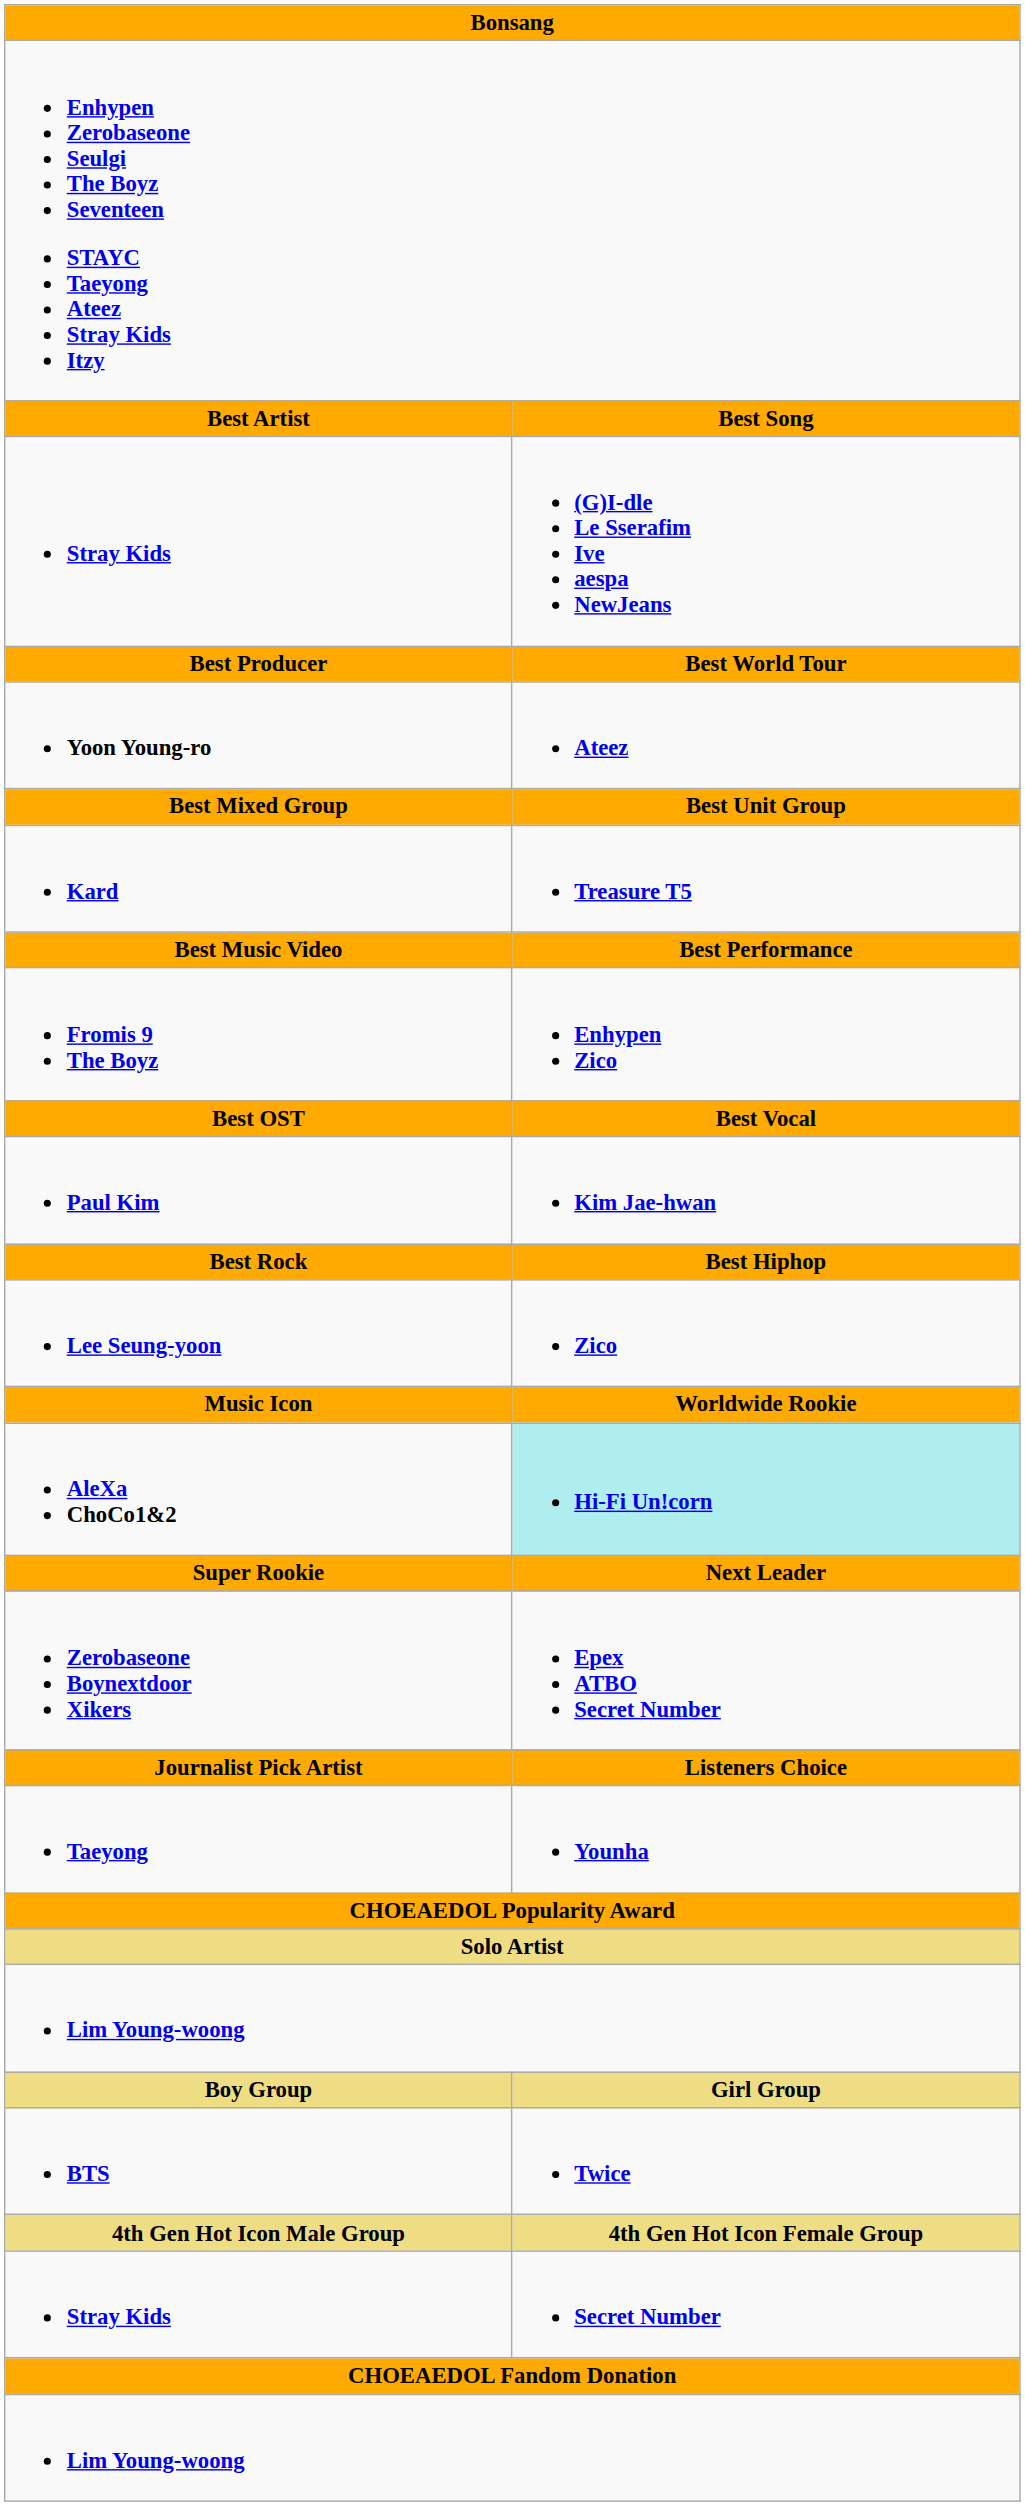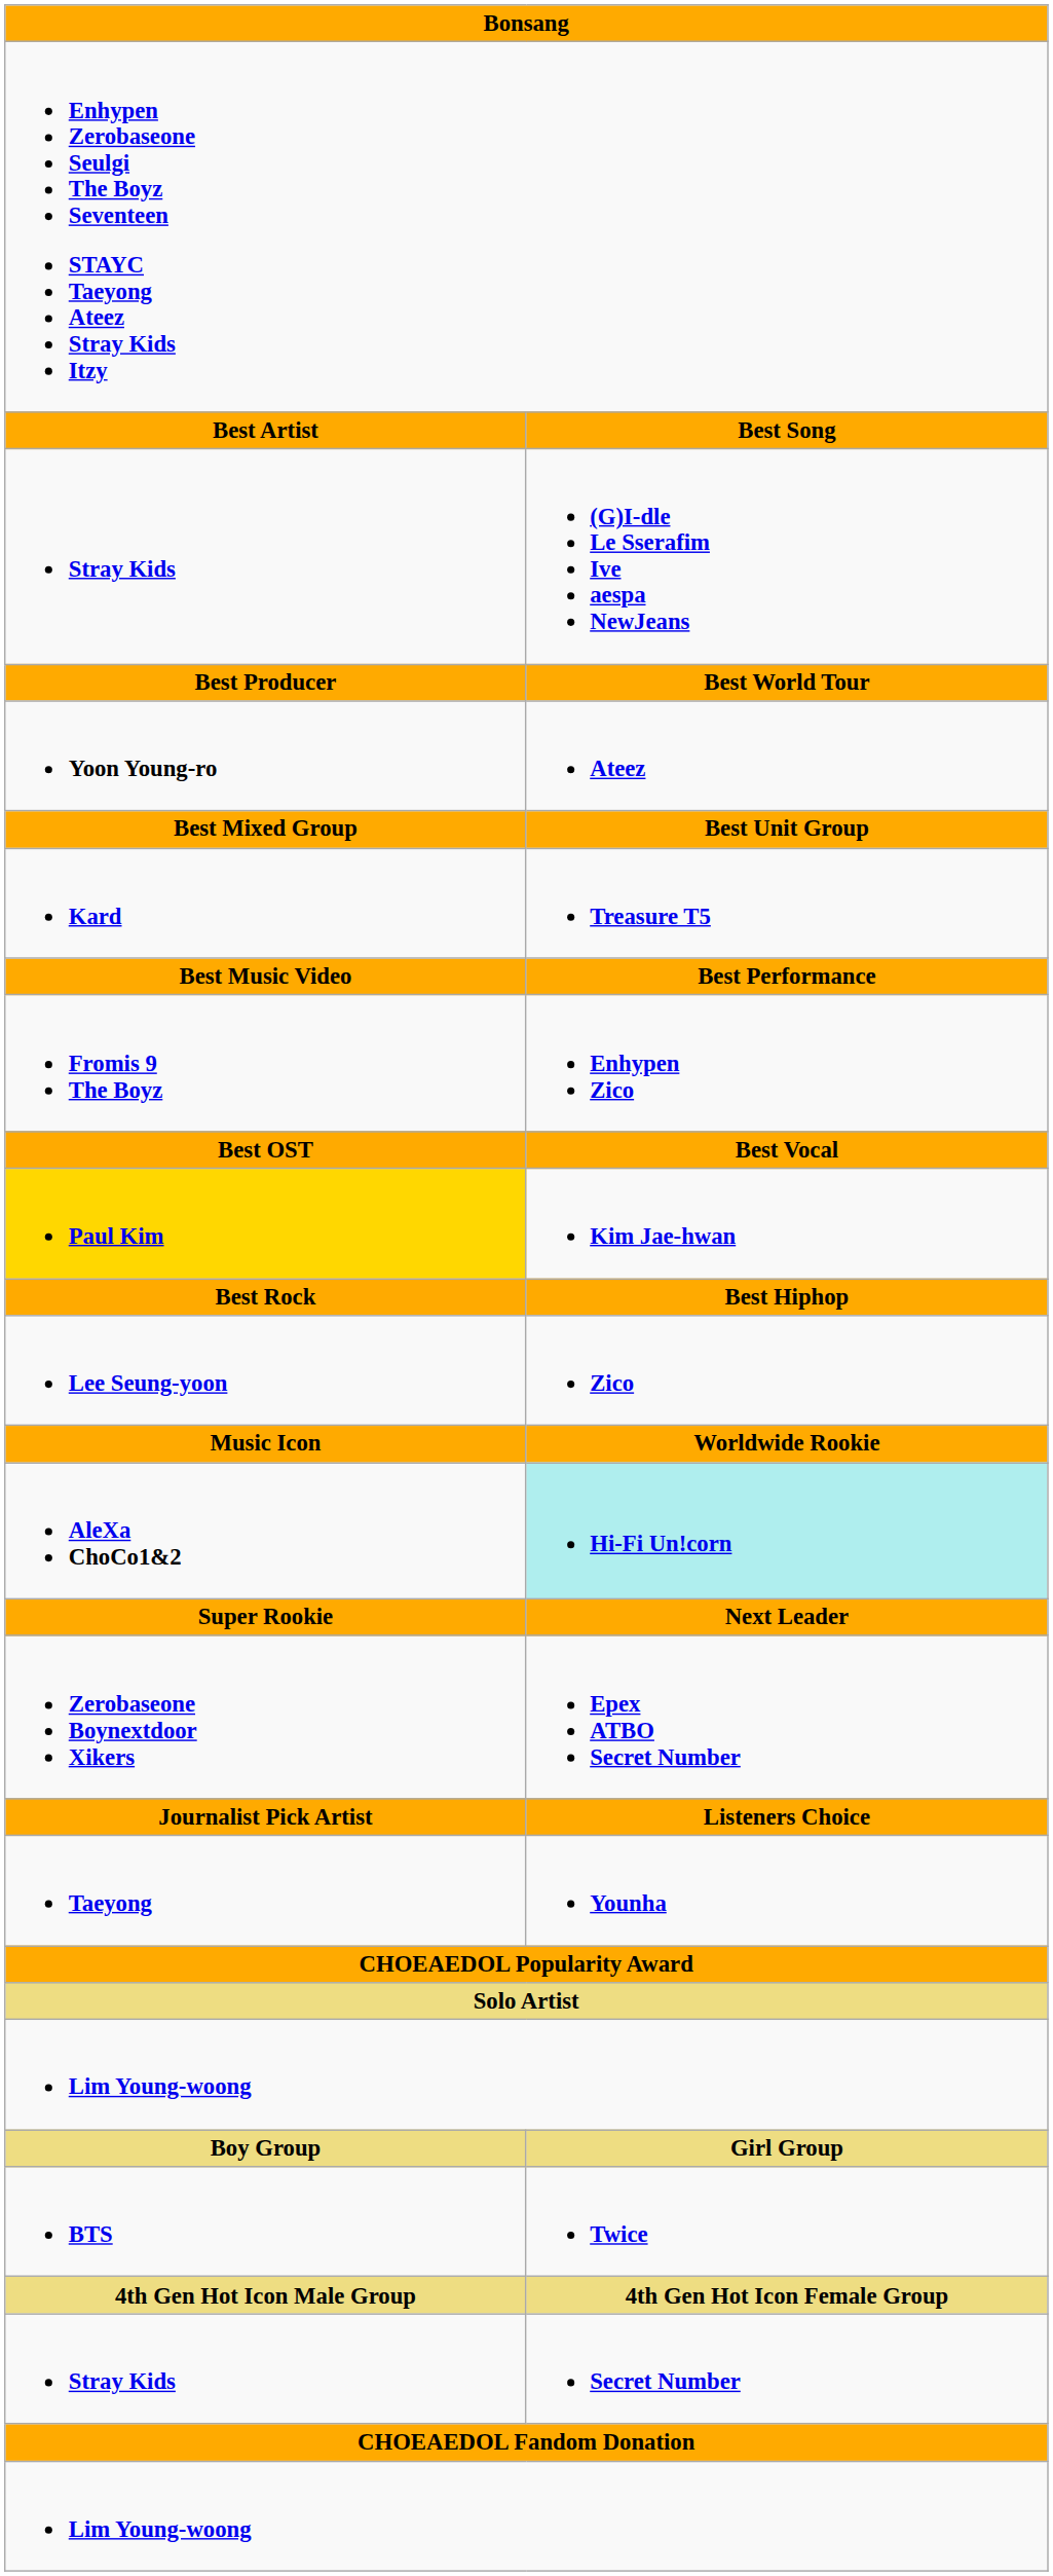 <table class="wikitable">
 <tr>
 <th scope="col" colspan="2" style="background:#FFAA00">Bonsang</th>
 </tr>
 <tr>
 <td colspan="2"><br> <ul><li><strong><a href='#'>Enhypen</a></strong></li><li><strong><a href='#'>Zerobaseone</a></strong></li><li><strong><a href='#'>Seulgi</a></strong></li><li><strong><a href='#'>The Boyz</a></strong></li><li><strong><a href='#'>Seventeen</a></strong></li></ul><ul><li><strong><a href='#'>STAYC</a></strong></li><li><strong><a href='#'>Taeyong</a></strong></li><li><strong><a href='#'>Ateez</a></strong></li><li><strong><a href='#'>Stray Kids</a></strong></li><li><strong><a href='#'>Itzy</a></strong></li></ul></td>
 </tr>
 <tr>
 <th scope="col" style="background:#FFAA00;width:350px">Best Artist</th>
 <th scope="col" style="background:#FFAA00;width:350px">Best Song</th>
 </tr>
 <tr>
 <td><br><ul><li><strong><a href='#'>Stray Kids</a></strong></li></ul></td>
 <td><br><ul><li><strong><a href='#'>(G)I-dle</a></strong></li><li><strong><a href='#'>Le Sserafim</a></strong></li><li><strong><a href='#'>Ive</a></strong></li><li><strong><a href='#'>aespa</a></strong></li><li><strong><a href='#'>NewJeans</a></strong></li></ul></td>
 </tr>
 <tr>
 <th scope="col" style="background:#FFAA00">Best Producer</th>
 <th scope="col" style="background:#FFAA00">Best World Tour</th>
 </tr>
 <tr>
 <td><br><ul><li><strong>Yoon Young-ro</strong></li></ul></td>
 <td><br><ul><li><strong><a href='#'>Ateez</a></strong></li></ul></td>
 </tr>
 <tr>
 <th scope="col" style="background:#FFAA00">Best Mixed Group</th>
 <th scope="col" style="background:#FFAA00">Best Unit Group</th>
 </tr>
 <tr>
 <td><br><ul><li><strong><a href='#'>Kard</a></strong></li></ul></td>
 <td><br><ul><li><strong><a href='#'>Treasure T5</a></strong></li></ul></td>
 </tr>
 <tr>
 <th scope="col" style="background:#FFAA00">Best Music Video</th>
 <th scope="col" style="background:#FFAA00">Best Performance</th>
 </tr>
 <tr>
 <td><br><ul><li><strong><a href='#'>Fromis 9</a></strong></li><li><strong><a href='#'>The Boyz</a></strong></li></ul></td>
 <td><br><ul><li><strong><a href='#'>Enhypen</a></strong></li><li><strong><a href='#'>Zico</a></strong></li></ul></td>
 </tr>
 <tr>
 <th scope="col" style="background:#FFAA00">Best OST</th>
 <th scope="col" style="background:#FFAA00">Best Vocal</th>
 </tr>
 <tr>
-<td><br><ul><li><strong><a href='#'>Paul Kim</a></strong></li></ul></td>
+<td style="background: gold;"><br><ul><li><strong><a href='#'>Paul Kim</a></strong></li></ul></td>
 <td><br><ul><li><strong><a href='#'>Kim Jae-hwan</a></strong></li></ul></td>
 </tr>
 <tr>
 <th scope="col" style="background:#FFAA00">Best Rock</th>
 <th scope="col" style="background:#FFAA00">Best Hiphop</th>
 </tr>
 <tr>
 <td><br><ul><li><strong><a href='#'>Lee Seung-yoon</a></strong></li></ul></td>
 <td><br><ul><li><strong><a href='#'>Zico</a></strong></li></ul></td>
 </tr>
 <tr>
 <th scope="col" style="background:#FFAA00">Music Icon</th>
 <th scope="col" style="background:#FFAA00">Worldwide Rookie</th>
 </tr>
 <tr>
 <td><br><ul><li><strong><a href='#'>AleXa</a></strong></li><li><strong>ChoCo1&2</strong></li></ul></td>
 <td style="background: paleturquoise;"><br><ul><li><strong><a href='#'>Hi-Fi Un!corn</a></strong></li></ul></td>
 </tr>
 <tr>
 <th scope="col" style="background:#FFAA00">Super Rookie</th>
 <th scope="col" style="background:#FFAA00">Next Leader</th>
 </tr>
 <tr>
 <td><br><ul><li><strong><a href='#'>Zerobaseone</a></strong></li><li><strong><a href='#'>Boynextdoor</a></strong></li><li><strong><a href='#'>Xikers</a></strong></li></ul></td>
 <td><br><ul><li><strong><a href='#'>Epex</a></strong></li><li><strong><a href='#'>ATBO</a></strong></li><li><strong><a href='#'>Secret Number</a></strong></li></ul></td>
 </tr>
 <tr>
 <th scope="col" style="background:#FFAA00">Journalist Pick Artist</th>
 <th scope="col" style="background:#FFAA00">Listeners Choice</th>
 </tr>
 <tr>
 <td><br><ul><li><strong><a href='#'>Taeyong</a></strong></li></ul></td>
 <td><br><ul><li><strong><a href='#'>Younha</a></strong></li></ul></td>
 </tr>
 <tr>
 <th scope="col" colspan="2" style="background:#FFAA00">CHOEAEDOL Popularity Award</th>
 </tr>
 <tr>
 <th scope="col" colspan="2" style="background:#EEDD82">Solo Artist</th>
 </tr>
 <tr>
 <td colspan="2"><br><ul><li><strong><a href='#'>Lim Young-woong</a></strong></li></ul></td>
 </tr>
 <tr>
 <th scope="col" style="background:#EEDD82">Boy Group</th>
 <th scope="col" style="background:#EEDD82">Girl Group</th>
 </tr>
 <tr>
 <td><br><ul><li><strong><a href='#'>BTS</a></strong></li></ul></td>
 <td><br><ul><li><strong><a href='#'>Twice</a></strong></li></ul></td>
 </tr>
 <tr>
 <th scope="col" style="background:#EEDD82">4th Gen Hot Icon Male Group</th>
 <th scope="col" style="background:#EEDD82">4th Gen Hot Icon Female Group</th>
 </tr>
 <tr>
 <td><br><ul><li><strong><a href='#'>Stray Kids</a></strong></li></ul></td>
 <td><br><ul><li><strong><a href='#'>Secret Number</a></strong></li></ul></td>
 </tr>
 <tr>
 <th scope="col" colspan="2" style="background:#FFAA00">CHOEAEDOL Fandom Donation</th>
 </tr>
 <tr>
 <td colspan="2"><br><ul><li><strong><a href='#'>Lim Young-woong</a></strong></li></ul></td>
 </tr>
 </table>
